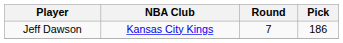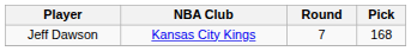 <table class="wikitable" width="500">
 <tr>
 <th>Player</th>
 <th>NBA Club</th>
 <th>Round</th>
 <th>Pick</th>
 </tr>
 <tr align="center" bgcolor="">
 <td>Jeff Dawson</td>
 <td><a href='#'>Kansas City Kings</a></td>
 <td>7</td>
-<td>186</td>
+<td>168</td>
 </tr>
 <tr align="center" bgcolor="">
 </tr>
 </table>
